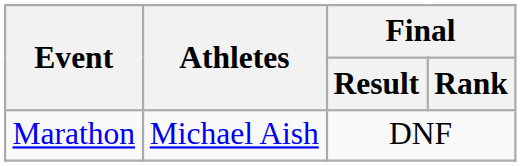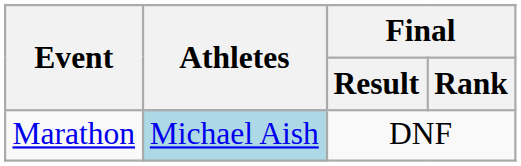 <table class="wikitable" border="1" style="font-size:90%">
 <tr>
 <th rowspan="2">Event</th>
 <th rowspan="2">Athletes</th>
 <th colspan="2">Final</th>
 </tr>
 <tr>
 <th>Result</th>
 <th>Rank</th>
 </tr>
 <tr>
 <td><a href='#'>Marathon</a></td>
-<td><a href='#'>Michael Aish</a></td>
+<td style="background: lightblue;"><a href='#'>Michael Aish</a></td>
 <td align=center colspan=2>DNF</td>
 </tr>
 </table>
